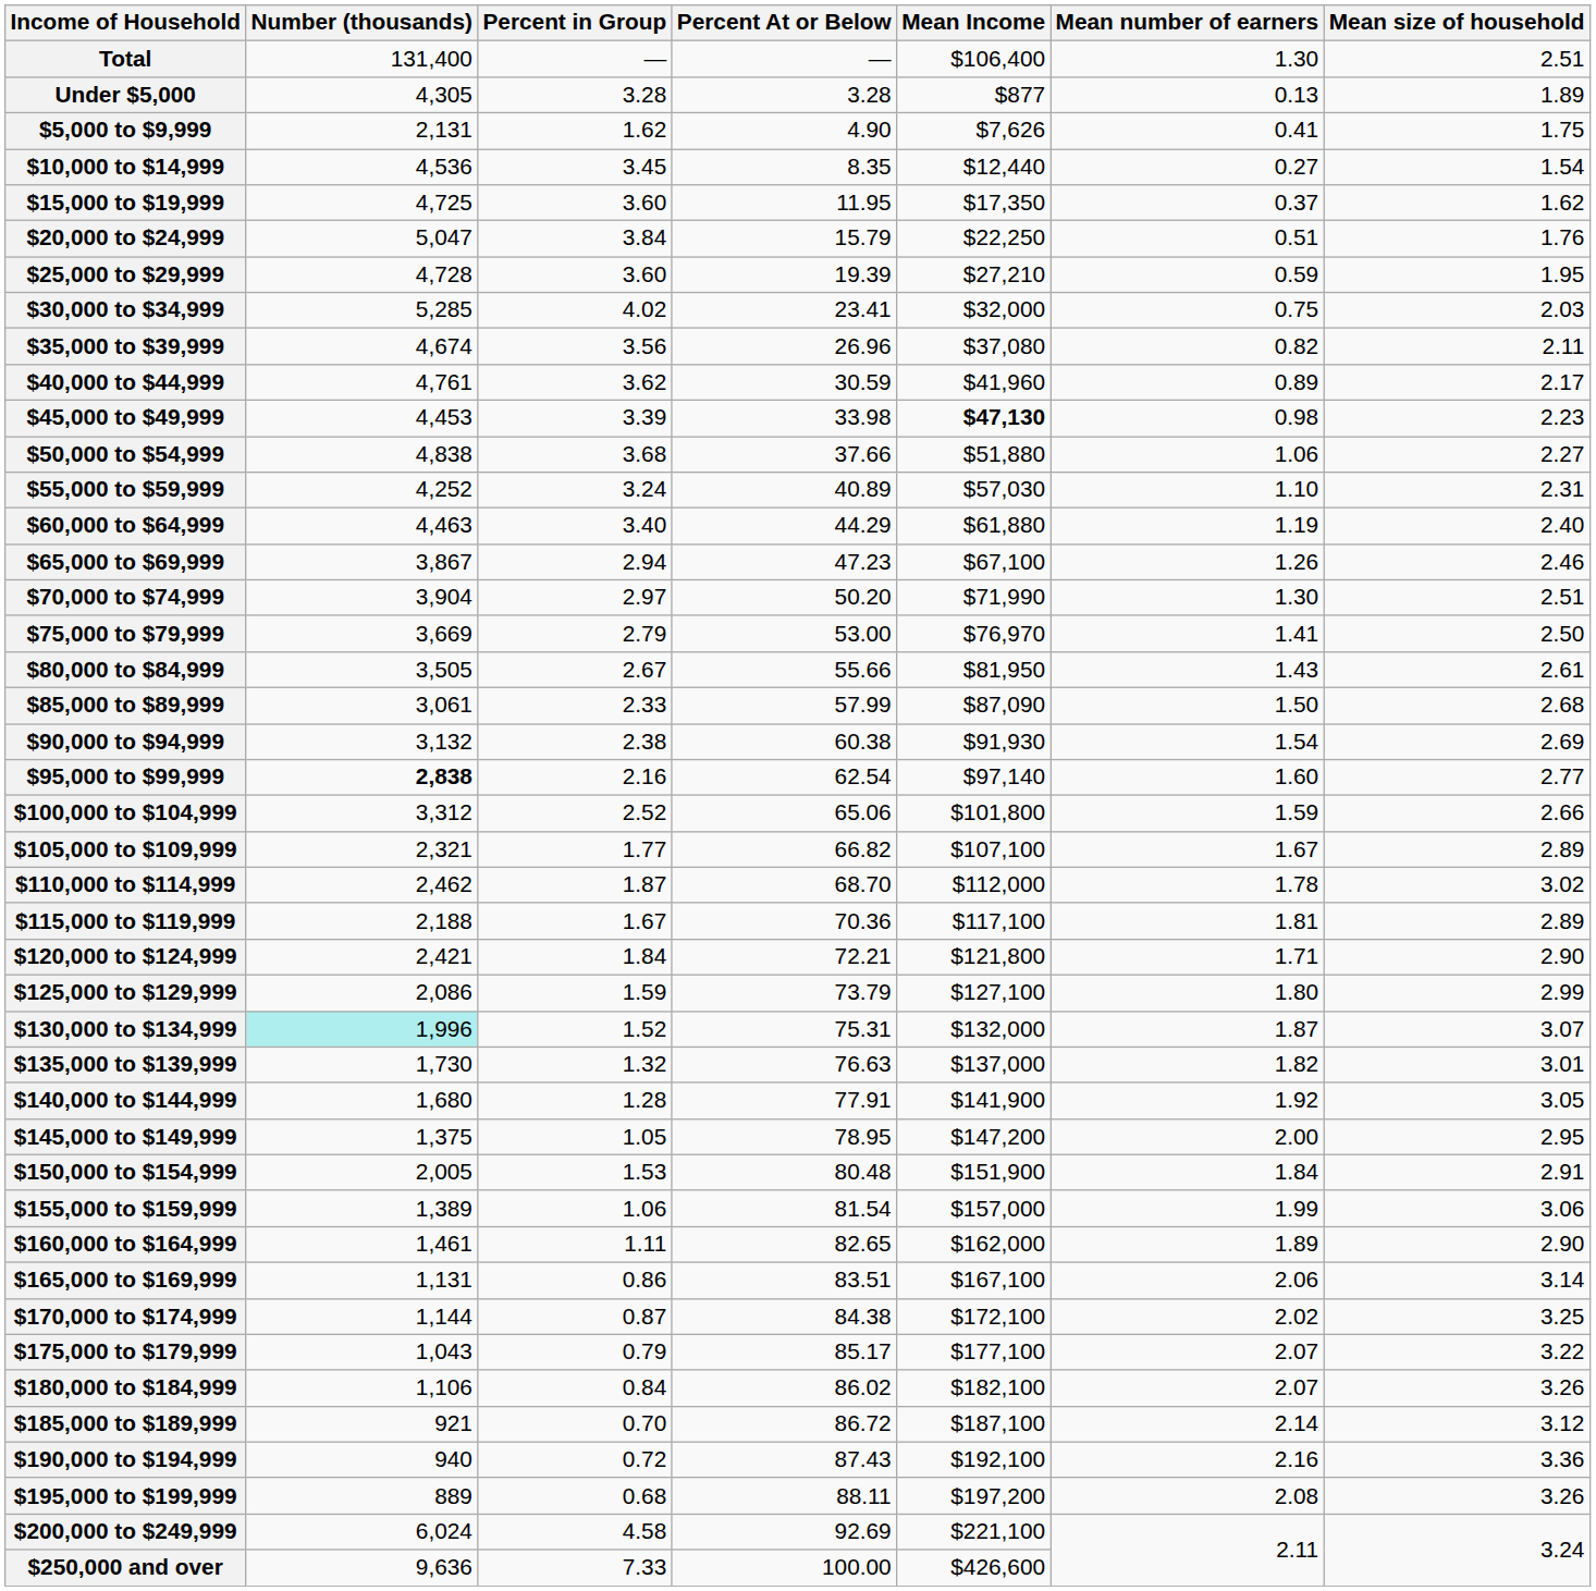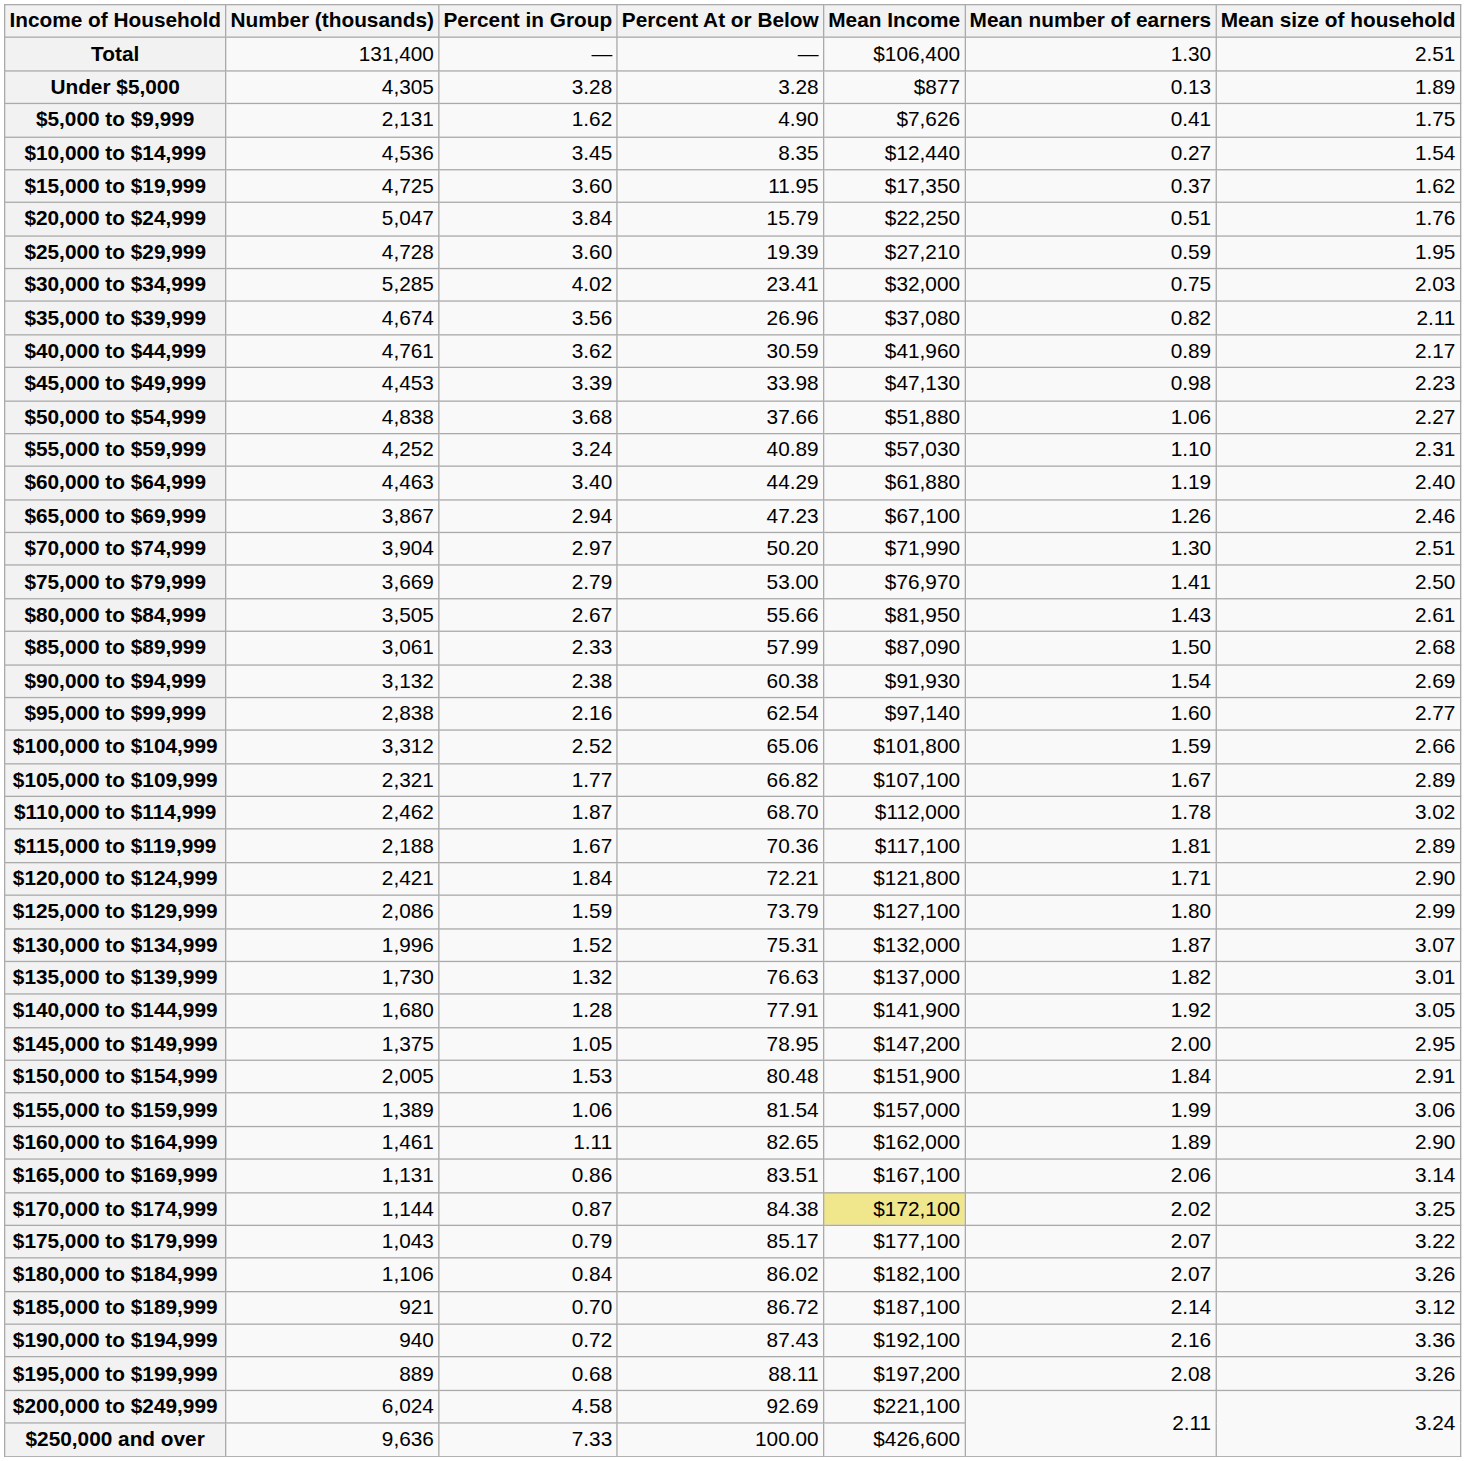 <table class="wikitable" style="text-align:right; margin-right:61px">
 <tr>
 <th>Income of Household</th>
 <th>Number (thousands)	</th>
 <th>Percent in Group</th>
 <th>Percent At or Below</th>
 <th>Mean Income	</th>
 <th>Mean number of earners	</th>
 <th>Mean size of household	</th>
 </tr>
 <tr>
 <th>Total</th>
 <td>131,400</td>
 <td>—</td>
 <td>—</td>
 <td>$106,400</td>
 <td>1.30</td>
 <td>2.51</td>
 </tr>
 <tr>
 <th>Under $5,000</th>
 <td>4,305</td>
 <td>3.28</td>
 <td>3.28</td>
 <td>$877</td>
 <td>0.13</td>
 <td>1.89</td>
 </tr>
 <tr>
 <th>$5,000 to $9,999</th>
 <td>2,131</td>
 <td>1.62</td>
 <td>4.90</td>
 <td>$7,626</td>
 <td>0.41</td>
 <td>1.75</td>
 </tr>
 <tr>
 <th>$10,000 to $14,999</th>
 <td>4,536</td>
 <td>3.45</td>
 <td>8.35</td>
 <td>$12,440</td>
 <td>0.27</td>
 <td>1.54</td>
 </tr>
 <tr>
 <th>$15,000 to $19,999</th>
 <td>4,725</td>
 <td>3.60</td>
 <td>11.95</td>
 <td>$17,350</td>
 <td>0.37</td>
 <td>1.62</td>
 </tr>
 <tr>
 <th>$20,000 to $24,999</th>
 <td>5,047</td>
 <td>3.84</td>
 <td>15.79</td>
 <td>$22,250</td>
 <td>0.51</td>
 <td>1.76</td>
 </tr>
 <tr>
 <th>$25,000 to $29,999</th>
 <td>4,728</td>
 <td>3.60</td>
 <td>19.39</td>
 <td>$27,210</td>
 <td>0.59</td>
 <td>1.95</td>
 </tr>
 <tr>
 <th>$30,000 to $34,999</th>
 <td>5,285</td>
 <td>4.02</td>
 <td>23.41</td>
 <td>$32,000</td>
 <td>0.75</td>
 <td>2.03</td>
 </tr>
 <tr>
 <th>$35,000 to $39,999</th>
 <td>4,674</td>
 <td>3.56</td>
 <td>26.96</td>
 <td>$37,080</td>
 <td>0.82</td>
 <td>2.11</td>
 </tr>
 <tr>
 <th>$40,000 to $44,999</th>
 <td>4,761</td>
 <td>3.62</td>
 <td>30.59</td>
 <td>$41,960</td>
 <td>0.89</td>
 <td>2.17</td>
 </tr>
 <tr>
 <th>$45,000 to $49,999</th>
 <td>4,453</td>
 <td>3.39</td>
 <td>33.98</td>
-<td><strong>$47,130</strong></td>
+<td>$47,130</td>
 <td>0.98</td>
 <td>2.23</td>
 </tr>
 <tr>
 <th>$50,000 to $54,999</th>
 <td>4,838</td>
 <td>3.68</td>
 <td>37.66</td>
 <td>$51,880</td>
 <td>1.06</td>
 <td>2.27</td>
 </tr>
 <tr>
 <th>$55,000 to $59,999</th>
 <td>4,252</td>
 <td>3.24</td>
 <td>40.89</td>
 <td>$57,030</td>
 <td>1.10</td>
 <td>2.31</td>
 </tr>
 <tr>
 <th>$60,000 to $64,999</th>
 <td>4,463</td>
 <td>3.40</td>
 <td>44.29</td>
 <td>$61,880</td>
 <td>1.19</td>
 <td>2.40</td>
 </tr>
 <tr>
 <th>$65,000 to $69,999</th>
 <td>3,867</td>
 <td>2.94</td>
 <td>47.23</td>
 <td>$67,100</td>
 <td>1.26</td>
 <td>2.46</td>
 </tr>
 <tr>
 <th>$70,000 to $74,999</th>
 <td>3,904</td>
 <td>2.97</td>
 <td>50.20</td>
 <td>$71,990</td>
 <td>1.30</td>
 <td>2.51</td>
 </tr>
 <tr>
 <th>$75,000 to $79,999</th>
 <td>3,669</td>
 <td>2.79</td>
 <td>53.00</td>
 <td>$76,970</td>
 <td>1.41</td>
 <td>2.50</td>
 </tr>
 <tr>
 <th>$80,000 to $84,999</th>
 <td>3,505</td>
 <td>2.67</td>
 <td>55.66</td>
 <td>$81,950</td>
 <td>1.43</td>
 <td>2.61</td>
 </tr>
 <tr>
 <th>$85,000 to $89,999</th>
 <td>3,061</td>
 <td>2.33</td>
 <td>57.99</td>
 <td>$87,090</td>
 <td>1.50</td>
 <td>2.68</td>
 </tr>
 <tr>
 <th>$90,000 to $94,999</th>
 <td>3,132</td>
 <td>2.38</td>
 <td>60.38</td>
 <td>$91,930</td>
 <td>1.54</td>
 <td>2.69</td>
 </tr>
 <tr>
 <th>$95,000 to $99,999</th>
-<td><strong>2,838</strong></td>
+<td>2,838</td>
 <td>2.16</td>
 <td>62.54</td>
 <td>$97,140</td>
 <td>1.60</td>
 <td>2.77</td>
 </tr>
 <tr>
 <th>$100,000 to $104,999</th>
 <td>3,312</td>
 <td>2.52</td>
 <td>65.06</td>
 <td>$101,800</td>
 <td>1.59</td>
 <td>2.66</td>
 </tr>
 <tr>
 <th>$105,000 to $109,999</th>
 <td>2,321</td>
 <td>1.77</td>
 <td>66.82</td>
 <td>$107,100</td>
 <td>1.67</td>
 <td>2.89</td>
 </tr>
 <tr>
 <th>$110,000 to $114,999</th>
 <td>2,462</td>
 <td>1.87</td>
 <td>68.70</td>
 <td>$112,000</td>
 <td>1.78</td>
 <td>3.02</td>
 </tr>
 <tr>
 <th>$115,000 to $119,999</th>
 <td>2,188</td>
 <td>1.67</td>
 <td>70.36</td>
 <td>$117,100</td>
 <td>1.81</td>
 <td>2.89</td>
 </tr>
 <tr>
 <th>$120,000 to $124,999</th>
 <td>2,421</td>
 <td>1.84</td>
 <td>72.21</td>
 <td>$121,800</td>
 <td>1.71</td>
 <td>2.90</td>
 </tr>
 <tr>
 <th>$125,000 to $129,999</th>
 <td>2,086</td>
 <td>1.59</td>
 <td>73.79</td>
 <td>$127,100</td>
 <td>1.80</td>
 <td>2.99</td>
 </tr>
 <tr>
 <th>$130,000 to $134,999</th>
-<td style="background: paleturquoise;">1,996</td>
+<td>1,996</td>
 <td>1.52</td>
 <td>75.31</td>
 <td>$132,000</td>
 <td>1.87</td>
 <td>3.07</td>
 </tr>
 <tr>
 <th>$135,000 to $139,999</th>
 <td>1,730</td>
 <td>1.32</td>
 <td>76.63</td>
 <td>$137,000</td>
 <td>1.82</td>
 <td>3.01</td>
 </tr>
 <tr>
 <th>$140,000 to $144,999</th>
 <td>1,680</td>
 <td>1.28</td>
 <td>77.91</td>
 <td>$141,900</td>
 <td>1.92</td>
 <td>3.05</td>
 </tr>
 <tr>
 <th>$145,000 to $149,999</th>
 <td>1,375</td>
 <td>1.05</td>
 <td>78.95</td>
 <td>$147,200</td>
 <td>2.00</td>
 <td>2.95</td>
 </tr>
 <tr>
 <th>$150,000 to $154,999</th>
 <td>2,005</td>
 <td>1.53</td>
 <td>80.48</td>
 <td>$151,900</td>
 <td>1.84</td>
 <td>2.91</td>
 </tr>
 <tr>
 <th>$155,000 to $159,999</th>
 <td>1,389</td>
 <td>1.06</td>
 <td>81.54</td>
 <td>$157,000</td>
 <td>1.99</td>
 <td>3.06</td>
 </tr>
 <tr>
 <th>$160,000 to $164,999</th>
 <td>1,461</td>
 <td>1.11</td>
 <td>82.65</td>
 <td>$162,000</td>
 <td>1.89</td>
 <td>2.90</td>
 </tr>
 <tr>
 <th>$165,000 to $169,999</th>
 <td>1,131</td>
 <td>0.86</td>
 <td>83.51</td>
 <td>$167,100</td>
 <td>2.06</td>
 <td>3.14</td>
 </tr>
 <tr>
 <th>$170,000 to $174,999</th>
 <td>1,144</td>
 <td>0.87</td>
 <td>84.38</td>
-<td>$172,100</td>
+<td style="background: khaki;">$172,100</td>
 <td>2.02</td>
 <td>3.25</td>
 </tr>
 <tr>
 <th>$175,000 to $179,999</th>
 <td>1,043</td>
 <td>0.79</td>
 <td>85.17</td>
 <td>$177,100</td>
 <td>2.07</td>
 <td>3.22</td>
 </tr>
 <tr>
 <th>$180,000 to $184,999</th>
 <td>1,106</td>
 <td>0.84</td>
 <td>86.02</td>
 <td>$182,100</td>
 <td>2.07</td>
 <td>3.26</td>
 </tr>
 <tr>
 <th>$185,000 to $189,999</th>
 <td>921</td>
 <td>0.70</td>
 <td>86.72</td>
 <td>$187,100</td>
 <td>2.14</td>
 <td>3.12</td>
 </tr>
 <tr>
 <th>$190,000 to $194,999</th>
 <td>940</td>
 <td>0.72</td>
 <td>87.43</td>
 <td>$192,100</td>
 <td>2.16</td>
 <td>3.36</td>
 </tr>
 <tr>
 <th>$195,000 to $199,999</th>
 <td>889</td>
 <td>0.68</td>
 <td>88.11</td>
 <td>$197,200</td>
 <td>2.08</td>
 <td>3.26</td>
 </tr>
 <tr>
 <th>$200,000 to $249,999</th>
 <td>6,024</td>
 <td>4.58</td>
 <td>92.69</td>
 <td>$221,100</td>
 <td rowspan=2>2.11</td>
 <td rowspan=2>3.24</td>
 </tr>
 <tr>
 <th>$250,000 and over</th>
 <td>9,636</td>
 <td>7.33</td>
 <td>100.00</td>
 <td>$426,600</td>
 </tr>
 </table>
